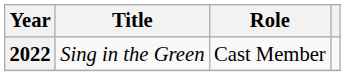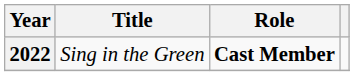 <table class="wikitable  plainrowheaders">
 <tr>
 <th scope="col">Year</th>
 <th scope="col">Title</th>
 <th scope="col">Role</th>
 <th scope="col" class="unsortable"></th>
 </tr>
 <tr>
 <th scope="row">2022</th>
 <td><em>Sing in the Green</em></td>
-<td>Cast Member</td>
+<td><strong>Cast Member</strong></td>
 <td></td>
 </tr>
 <tr>
 </tr>
 </table>
